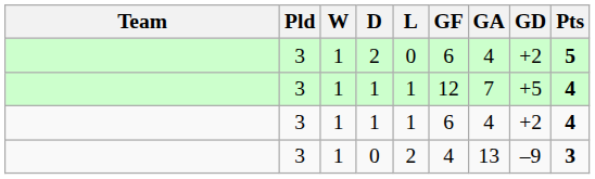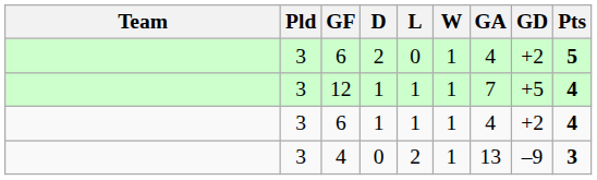 <table class=wikitable style="text-align:center">
 <tr>
 <th width=200>Team</th>
 <th width=20>Pld</th>
-<th width=20>W</th>
+<th width=20>GF</th>
 <th width=20>D</th>
 <th width=20>L</th>
-<th width=20>GF</th>
+<th width=20>W</th>
 <th width=20>GA</th>
 <th width=20>GD</th>
 <th width=20>Pts</th>
 </tr>
 <tr style="background:#ccffcc">
 <td align="left"></td>
 <td>3</td>
-<td>1</td>
+<td>6</td>
 <td>2</td>
 <td>0</td>
-<td>6</td>
+<td>1</td>
 <td>4</td>
 <td>+2</td>
 <td><strong>5</strong></td>
 </tr>
 <tr style="background:#ccffcc">
 <td align="left"></td>
 <td>3</td>
+<td>12</td>
 <td>1</td>
 <td>1</td>
 <td>1</td>
-<td>12</td>
 <td>7</td>
 <td>+5</td>
 <td><strong>4</strong></td>
 </tr>
 <tr>
 <td align="left"></td>
 <td>3</td>
+<td>6</td>
 <td>1</td>
 <td>1</td>
 <td>1</td>
-<td>6</td>
 <td>4</td>
 <td>+2</td>
 <td><strong>4</strong></td>
 </tr>
 <tr>
 <td align="left"></td>
 <td>3</td>
-<td>1</td>
+<td>4</td>
 <td>0</td>
 <td>2</td>
-<td>4</td>
+<td>1</td>
 <td>13</td>
 <td>–9</td>
 <td><strong>3</strong></td>
 </tr>
 </table>
